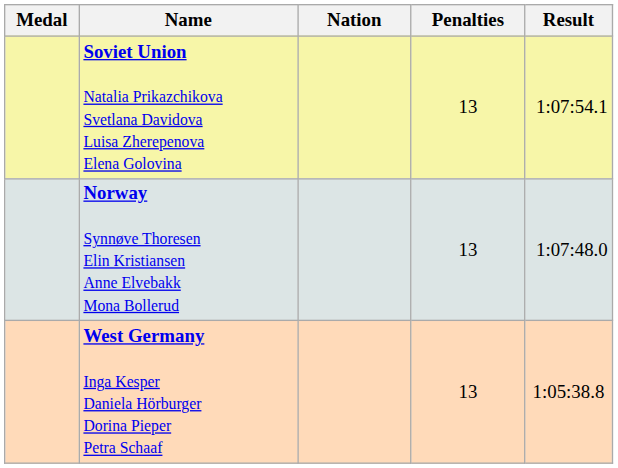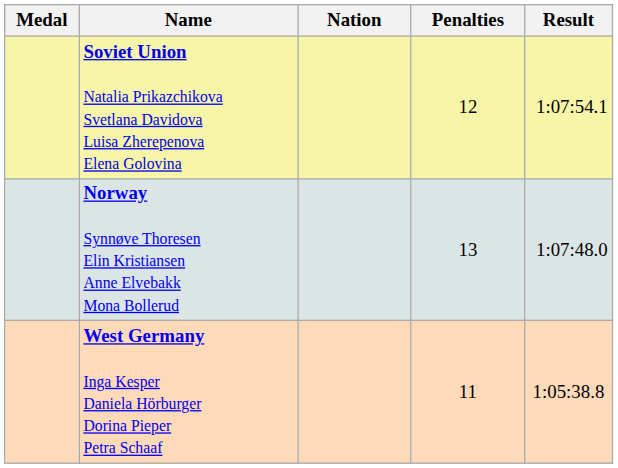 <table class=wikitable style="border:1px solid #AAAAAA;font-size:90%">
 <tr bgcolor="#E4E4E4">
 <th style="border-bottom:1px solid #AAAAAA" width=50>Medal</th>
 <th style="border-bottom:1px solid #AAAAAA" width=160>Name</th>
 <th style="border-bottom:1px solid #AAAAAA" width=80>Nation</th>
 <th style="border-bottom:1px solid #AAAAAA" width=80>Penalties</th>
 <th style="border-bottom:1px solid #AAAAAA" width=60>Result</th>
 </tr>
 <tr bgcolor="#F7F6A8">
 <td align="center"></td>
 <td><strong><a href='#'>Soviet Union</a></strong><br><br><small><a href='#'>Natalia Prikazchikova</a><br><a href='#'>Svetlana Davidova</a><br><a href='#'>Luisa Zherepenova</a><br><a href='#'>Elena Golovina</a></small></td>
 <td></td>
-<td align="center">13</td>
+<td align="center">12</td>
 <td align="right">1:07:54.1</td>
 </tr>
 <tr bgcolor="#DCE5E5">
 <td align="center"></td>
 <td><strong><a href='#'>Norway</a></strong><br><br><small><a href='#'>Synnøve Thoresen</a><br><a href='#'>Elin Kristiansen</a><br><a href='#'>Anne Elvebakk</a><br><a href='#'>Mona Bollerud</a></small></td>
 <td></td>
 <td align="center">13</td>
 <td align="right">1:07:48.0</td>
 </tr>
 <tr bgcolor="#FFDAB9">
 <td align="center"></td>
 <td><strong><a href='#'>West Germany</a></strong><br><br><small><a href='#'>Inga Kesper</a><br><a href='#'>Daniela Hörburger</a><br><a href='#'>Dorina Pieper</a><br><a href='#'>Petra Schaaf</a></small></td>
 <td></td>
-<td align="center">13</td>
+<td align="center">11</td>
 <td align="center">1:05:38.8</td>
 </tr>
 </table>
